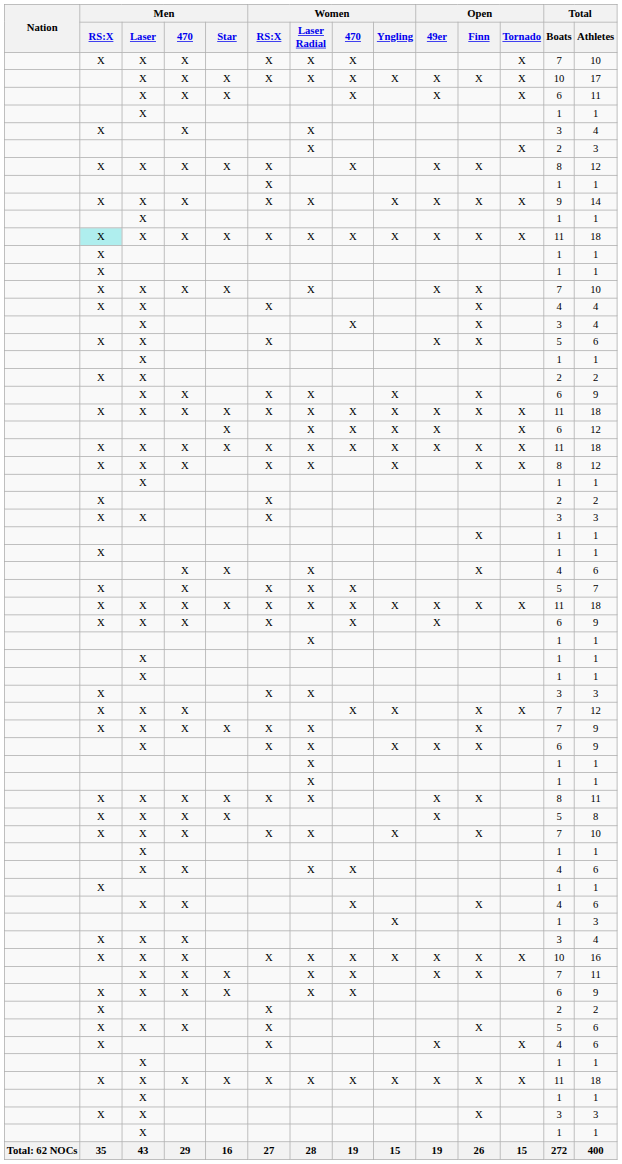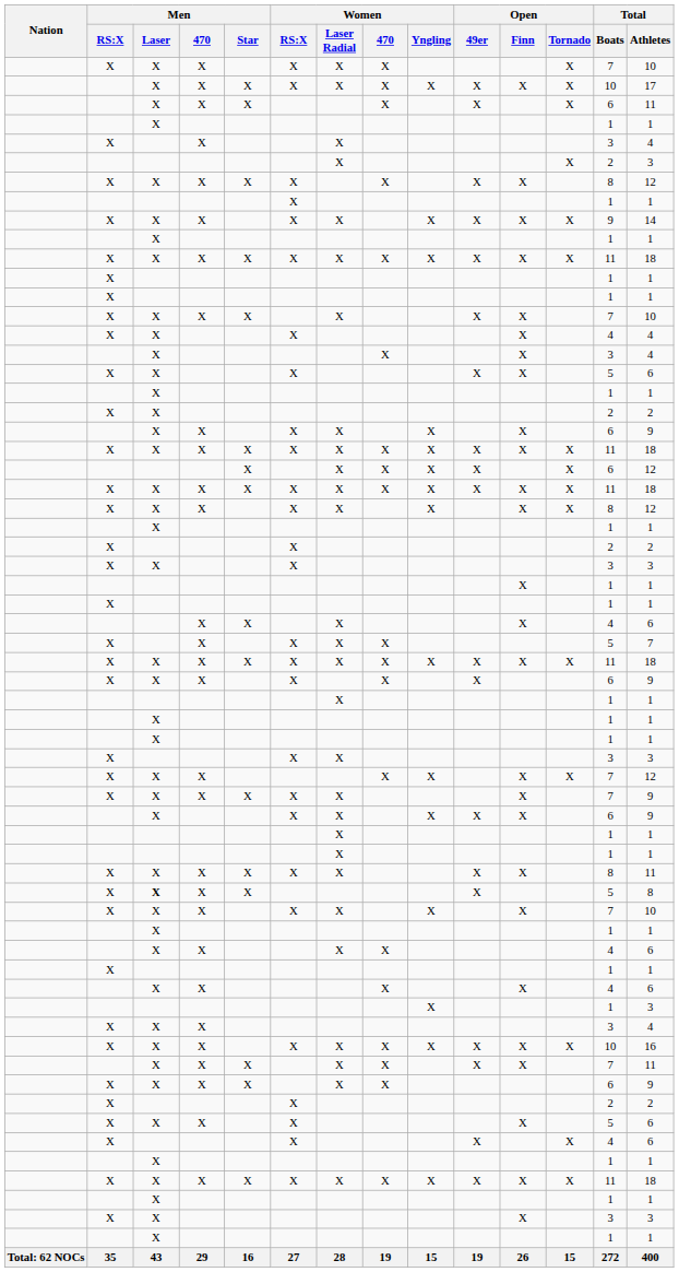 <table class=wikitable style="text-align:center; font-size:90%">
 <tr>
 <th rowspan="2" align="left">Nation</th>
 <th colspan="4">Men</th>
 <th colspan="4">Women</th>
 <th colspan=3>Open</th>
 <th colspan=2>Total</th>
 </tr>
 <tr>
 <th width=50><a href='#'>RS:X</a></th>
 <th width=50><a href='#'>Laser</a></th>
 <th width=50><a href='#'>470</a></th>
 <th width=50><a href='#'>Star</a></th>
 <th width=50><a href='#'>RS:X</a></th>
 <th width=50><a href='#'>Laser Radial</a></th>
 <th width=50><a href='#'>470</a></th>
 <th width=50><a href='#'>Yngling</a></th>
 <th width=50><a href='#'>49er</a></th>
 <th width=50><a href='#'>Finn</a></th>
 <th width=50><a href='#'>Tornado</a></th>
 <th width=35>Boats</th>
 <th width=49>Athletes</th>
 </tr>
 <tr>
 <td align=left></td>
 <td>X</td>
 <td>X</td>
 <td>X</td>
 <td></td>
 <td>X</td>
 <td>X</td>
 <td>X</td>
 <td></td>
 <td></td>
 <td></td>
 <td>X</td>
 <td>7</td>
 <td>10</td>
 </tr>
 <tr>
 <td align=left></td>
 <td></td>
 <td>X</td>
 <td>X</td>
 <td>X</td>
 <td>X</td>
 <td>X</td>
 <td>X</td>
 <td>X</td>
 <td>X</td>
 <td>X</td>
 <td>X</td>
 <td>10</td>
 <td>17</td>
 </tr>
 <tr>
 <td align=left></td>
 <td></td>
 <td>X</td>
 <td>X</td>
 <td>X</td>
 <td></td>
 <td></td>
 <td>X</td>
 <td></td>
 <td>X</td>
 <td></td>
 <td>X</td>
 <td>6</td>
 <td>11</td>
 </tr>
 <tr>
 <td align=left></td>
 <td></td>
 <td>X</td>
 <td></td>
 <td></td>
 <td></td>
 <td></td>
 <td></td>
 <td></td>
 <td></td>
 <td></td>
 <td></td>
 <td>1</td>
 <td>1</td>
 </tr>
 <tr>
 <td align=left></td>
 <td>X</td>
 <td></td>
 <td>X</td>
 <td></td>
 <td></td>
 <td>X</td>
 <td></td>
 <td></td>
 <td></td>
 <td></td>
 <td></td>
 <td>3</td>
 <td>4</td>
 </tr>
 <tr>
 <td align=left></td>
 <td></td>
 <td></td>
 <td></td>
 <td></td>
 <td></td>
 <td>X</td>
 <td></td>
 <td></td>
 <td></td>
 <td></td>
 <td>X</td>
 <td>2</td>
 <td>3</td>
 </tr>
 <tr>
 <td align=left></td>
 <td>X</td>
 <td>X</td>
 <td>X</td>
 <td>X</td>
 <td>X</td>
 <td></td>
 <td>X</td>
 <td></td>
 <td>X</td>
 <td>X</td>
 <td></td>
 <td>8</td>
 <td>12</td>
 </tr>
 <tr>
 <td align=left></td>
 <td></td>
 <td></td>
 <td></td>
 <td></td>
 <td>X</td>
 <td></td>
 <td></td>
 <td></td>
 <td></td>
 <td></td>
 <td></td>
 <td>1</td>
 <td>1</td>
 </tr>
 <tr>
 <td align=left></td>
 <td>X</td>
 <td>X</td>
 <td>X</td>
 <td></td>
 <td>X</td>
 <td>X</td>
 <td></td>
 <td>X</td>
 <td>X</td>
 <td>X</td>
 <td>X</td>
 <td>9</td>
 <td>14</td>
 </tr>
 <tr>
 <td align=left></td>
 <td></td>
 <td>X</td>
 <td></td>
 <td></td>
 <td></td>
 <td></td>
 <td></td>
 <td></td>
 <td></td>
 <td></td>
 <td></td>
 <td>1</td>
 <td>1</td>
 </tr>
 <tr>
 <td align=left></td>
-<td style="background: paleturquoise;">X</td>
+<td>X</td>
 <td>X</td>
 <td>X</td>
 <td>X</td>
 <td>X</td>
 <td>X</td>
 <td>X</td>
 <td>X</td>
 <td>X</td>
 <td>X</td>
 <td>X</td>
 <td>11</td>
 <td>18</td>
 </tr>
 <tr>
 <td align=left></td>
 <td>X</td>
 <td></td>
 <td></td>
 <td></td>
 <td></td>
 <td></td>
 <td></td>
 <td></td>
 <td></td>
 <td></td>
 <td></td>
 <td>1</td>
 <td>1</td>
 </tr>
 <tr>
 <td align=left></td>
 <td>X</td>
 <td></td>
 <td></td>
 <td></td>
 <td></td>
 <td></td>
 <td></td>
 <td></td>
 <td></td>
 <td></td>
 <td></td>
 <td>1</td>
 <td>1</td>
 </tr>
 <tr>
 <td align=left></td>
 <td>X</td>
 <td>X</td>
 <td>X</td>
 <td>X</td>
 <td></td>
 <td>X</td>
 <td></td>
 <td></td>
 <td>X</td>
 <td>X</td>
 <td></td>
 <td>7</td>
 <td>10</td>
 </tr>
 <tr>
 <td align=left></td>
 <td>X</td>
 <td>X</td>
 <td></td>
 <td></td>
 <td>X</td>
 <td></td>
 <td></td>
 <td></td>
 <td></td>
 <td>X</td>
 <td></td>
 <td>4</td>
 <td>4</td>
 </tr>
 <tr>
 <td align=left></td>
 <td></td>
 <td>X</td>
 <td></td>
 <td></td>
 <td></td>
 <td></td>
 <td>X</td>
 <td></td>
 <td></td>
 <td>X</td>
 <td></td>
 <td>3</td>
 <td>4</td>
 </tr>
 <tr>
 <td align=left></td>
 <td>X</td>
 <td>X</td>
 <td></td>
 <td></td>
 <td>X</td>
 <td></td>
 <td></td>
 <td></td>
 <td>X</td>
 <td>X</td>
 <td></td>
 <td>5</td>
 <td>6</td>
 </tr>
 <tr>
 <td align=left></td>
 <td></td>
 <td>X</td>
 <td></td>
 <td></td>
 <td></td>
 <td></td>
 <td></td>
 <td></td>
 <td></td>
 <td></td>
 <td></td>
 <td>1</td>
 <td>1</td>
 </tr>
 <tr>
 <td align=left></td>
 <td>X</td>
 <td>X</td>
 <td></td>
 <td></td>
 <td></td>
 <td></td>
 <td></td>
 <td></td>
 <td></td>
 <td></td>
 <td></td>
 <td>2</td>
 <td>2</td>
 </tr>
 <tr>
 <td align=left></td>
 <td></td>
 <td>X</td>
 <td>X</td>
 <td></td>
 <td>X</td>
 <td>X</td>
 <td></td>
 <td>X</td>
 <td></td>
 <td>X</td>
 <td></td>
 <td>6</td>
 <td>9</td>
 </tr>
 <tr>
 <td align=left></td>
 <td>X</td>
 <td>X</td>
 <td>X</td>
 <td>X</td>
 <td>X</td>
 <td>X</td>
 <td>X</td>
 <td>X</td>
 <td>X</td>
 <td>X</td>
 <td>X</td>
 <td>11</td>
 <td>18</td>
 </tr>
 <tr>
 <td align=left></td>
 <td></td>
 <td></td>
 <td></td>
 <td>X</td>
 <td></td>
 <td>X</td>
 <td>X</td>
 <td>X</td>
 <td>X</td>
 <td></td>
 <td>X</td>
 <td>6</td>
 <td>12</td>
 </tr>
 <tr>
 <td align=left></td>
 <td>X</td>
 <td>X</td>
 <td>X</td>
 <td>X</td>
 <td>X</td>
 <td>X</td>
 <td>X</td>
 <td>X</td>
 <td>X</td>
 <td>X</td>
 <td>X</td>
 <td>11</td>
 <td>18</td>
 </tr>
 <tr>
 <td align=left></td>
 <td>X</td>
 <td>X</td>
 <td>X</td>
 <td></td>
 <td>X</td>
 <td>X</td>
 <td></td>
 <td>X</td>
 <td></td>
 <td>X</td>
 <td>X</td>
 <td>8</td>
 <td>12</td>
 </tr>
 <tr>
 <td align=left></td>
 <td></td>
 <td>X</td>
 <td></td>
 <td></td>
 <td></td>
 <td></td>
 <td></td>
 <td></td>
 <td></td>
 <td></td>
 <td></td>
 <td>1</td>
 <td>1</td>
 </tr>
 <tr>
 <td align=left></td>
 <td>X</td>
 <td></td>
 <td></td>
 <td></td>
 <td>X</td>
 <td></td>
 <td></td>
 <td></td>
 <td></td>
 <td></td>
 <td></td>
 <td>2</td>
 <td>2</td>
 </tr>
 <tr>
 <td align=left></td>
 <td>X</td>
 <td>X</td>
 <td></td>
 <td></td>
 <td>X</td>
 <td></td>
 <td></td>
 <td></td>
 <td></td>
 <td></td>
 <td></td>
 <td>3</td>
 <td>3</td>
 </tr>
 <tr>
 <td align=left></td>
 <td></td>
 <td></td>
 <td></td>
 <td></td>
 <td></td>
 <td></td>
 <td></td>
 <td></td>
 <td></td>
 <td>X</td>
 <td></td>
 <td>1</td>
 <td>1</td>
 </tr>
 <tr>
 <td align=left></td>
 <td>X</td>
 <td></td>
 <td></td>
 <td></td>
 <td></td>
 <td></td>
 <td></td>
 <td></td>
 <td></td>
 <td></td>
 <td></td>
 <td>1</td>
 <td>1</td>
 </tr>
 <tr>
 <td align=left></td>
 <td></td>
 <td></td>
 <td>X</td>
 <td>X</td>
 <td></td>
 <td>X</td>
 <td></td>
 <td></td>
 <td></td>
 <td>X</td>
 <td></td>
 <td>4</td>
 <td>6</td>
 </tr>
 <tr>
 <td align=left></td>
 <td>X</td>
 <td></td>
 <td>X</td>
 <td></td>
 <td>X</td>
 <td>X</td>
 <td>X</td>
 <td></td>
 <td></td>
 <td></td>
 <td></td>
 <td>5</td>
 <td>7</td>
 </tr>
 <tr>
 <td align=left></td>
 <td>X</td>
 <td>X</td>
 <td>X</td>
 <td>X</td>
 <td>X</td>
 <td>X</td>
 <td>X</td>
 <td>X</td>
 <td>X</td>
 <td>X</td>
 <td>X</td>
 <td>11</td>
 <td>18</td>
 </tr>
 <tr>
 <td align=left></td>
 <td>X</td>
 <td>X</td>
 <td>X</td>
 <td></td>
 <td>X</td>
 <td></td>
 <td>X</td>
 <td></td>
 <td>X</td>
 <td></td>
 <td></td>
 <td>6</td>
 <td>9</td>
 </tr>
 <tr>
 <td align=left></td>
 <td></td>
 <td></td>
 <td></td>
 <td></td>
 <td></td>
 <td>X</td>
 <td></td>
 <td></td>
 <td></td>
 <td></td>
 <td></td>
 <td>1</td>
 <td>1</td>
 </tr>
 <tr>
 <td align=left></td>
 <td></td>
 <td>X</td>
 <td></td>
 <td></td>
 <td></td>
 <td></td>
 <td></td>
 <td></td>
 <td></td>
 <td></td>
 <td></td>
 <td>1</td>
 <td>1</td>
 </tr>
 <tr>
 <td align=left></td>
 <td></td>
 <td>X</td>
 <td></td>
 <td></td>
 <td></td>
 <td></td>
 <td></td>
 <td></td>
 <td></td>
 <td></td>
 <td></td>
 <td>1</td>
 <td>1</td>
 </tr>
 <tr>
 <td align=left></td>
 <td>X</td>
 <td></td>
 <td></td>
 <td></td>
 <td>X</td>
 <td>X</td>
 <td></td>
 <td></td>
 <td></td>
 <td></td>
 <td></td>
 <td>3</td>
 <td>3</td>
 </tr>
 <tr>
 <td align=left></td>
 <td>X</td>
 <td>X</td>
 <td>X</td>
 <td></td>
 <td></td>
 <td></td>
 <td>X</td>
 <td>X</td>
 <td></td>
 <td>X</td>
 <td>X</td>
 <td>7</td>
 <td>12</td>
 </tr>
 <tr>
 <td align=left></td>
 <td>X</td>
 <td>X</td>
 <td>X</td>
 <td>X</td>
 <td>X</td>
 <td>X</td>
 <td></td>
 <td></td>
 <td></td>
 <td>X</td>
 <td></td>
 <td>7</td>
 <td>9</td>
 </tr>
 <tr>
 <td align=left></td>
 <td></td>
 <td>X</td>
 <td></td>
 <td></td>
 <td>X</td>
 <td>X</td>
 <td></td>
 <td>X</td>
 <td>X</td>
 <td>X</td>
 <td></td>
 <td>6</td>
 <td>9</td>
 </tr>
 <tr>
 <td align=left></td>
 <td></td>
 <td></td>
 <td></td>
 <td></td>
 <td></td>
 <td>X</td>
 <td></td>
 <td></td>
 <td></td>
 <td></td>
 <td></td>
 <td>1</td>
 <td>1</td>
 </tr>
 <tr>
 <td align=left></td>
 <td></td>
 <td></td>
 <td></td>
 <td></td>
 <td></td>
 <td>X</td>
 <td></td>
 <td></td>
 <td></td>
 <td></td>
 <td></td>
 <td>1</td>
 <td>1</td>
 </tr>
 <tr>
 <td align=left></td>
 <td>X</td>
 <td>X</td>
 <td>X</td>
 <td>X</td>
 <td>X</td>
 <td>X</td>
 <td></td>
 <td></td>
 <td>X</td>
 <td>X</td>
 <td></td>
 <td>8</td>
 <td>11</td>
 </tr>
 <tr>
 <td align=left></td>
 <td>X</td>
-<td>X</td>
+<td><strong>X</strong></td>
 <td>X</td>
 <td>X</td>
 <td></td>
 <td></td>
 <td></td>
 <td></td>
 <td>X</td>
 <td></td>
 <td></td>
 <td>5</td>
 <td>8</td>
 </tr>
 <tr>
 <td align=left></td>
 <td>X</td>
 <td>X</td>
 <td>X</td>
 <td></td>
 <td>X</td>
 <td>X</td>
 <td></td>
 <td>X</td>
 <td></td>
 <td>X</td>
 <td></td>
 <td>7</td>
 <td>10</td>
 </tr>
 <tr>
 <td align=left></td>
 <td></td>
 <td>X</td>
 <td></td>
 <td></td>
 <td></td>
 <td></td>
 <td></td>
 <td></td>
 <td></td>
 <td></td>
 <td></td>
 <td>1</td>
 <td>1</td>
 </tr>
 <tr>
 <td align=left></td>
 <td></td>
 <td>X</td>
 <td>X</td>
 <td></td>
 <td></td>
 <td>X</td>
 <td>X</td>
 <td></td>
 <td></td>
 <td></td>
 <td></td>
 <td>4</td>
 <td>6</td>
 </tr>
 <tr>
 <td align=left></td>
 <td>X</td>
 <td></td>
 <td></td>
 <td></td>
 <td></td>
 <td></td>
 <td></td>
 <td></td>
 <td></td>
 <td></td>
 <td></td>
 <td>1</td>
 <td>1</td>
 </tr>
 <tr>
 <td align=left></td>
 <td></td>
 <td>X</td>
 <td>X</td>
 <td></td>
 <td></td>
 <td></td>
 <td>X</td>
 <td></td>
 <td></td>
 <td>X</td>
 <td></td>
 <td>4</td>
 <td>6</td>
 </tr>
 <tr>
 <td align=left></td>
 <td></td>
 <td></td>
 <td></td>
 <td></td>
 <td></td>
 <td></td>
 <td></td>
 <td>X</td>
 <td></td>
 <td></td>
 <td></td>
 <td>1</td>
 <td>3</td>
 </tr>
 <tr>
 <td align=left></td>
 <td>X</td>
 <td>X</td>
 <td>X</td>
 <td></td>
 <td></td>
 <td></td>
 <td></td>
 <td></td>
 <td></td>
 <td></td>
 <td></td>
 <td>3</td>
 <td>4</td>
 </tr>
 <tr>
 <td align=left></td>
 <td>X</td>
 <td>X</td>
 <td>X</td>
 <td></td>
 <td>X</td>
 <td>X</td>
 <td>X</td>
 <td>X</td>
 <td>X</td>
 <td>X</td>
 <td>X</td>
 <td>10</td>
 <td>16</td>
 </tr>
 <tr>
 <td align=left></td>
 <td></td>
 <td>X</td>
 <td>X</td>
 <td>X</td>
 <td></td>
 <td>X</td>
 <td>X</td>
 <td></td>
 <td>X</td>
 <td>X</td>
 <td></td>
 <td>7</td>
 <td>11</td>
 </tr>
 <tr>
 <td align=left></td>
 <td>X</td>
 <td>X</td>
 <td>X</td>
 <td>X</td>
 <td></td>
 <td>X</td>
 <td>X</td>
 <td></td>
 <td></td>
 <td></td>
 <td></td>
 <td>6</td>
 <td>9</td>
 </tr>
 <tr>
 <td align=left></td>
 <td>X</td>
 <td></td>
 <td></td>
 <td></td>
 <td>X</td>
 <td></td>
 <td></td>
 <td></td>
 <td></td>
 <td></td>
 <td></td>
 <td>2</td>
 <td>2</td>
 </tr>
 <tr>
 <td align=left></td>
 <td>X</td>
 <td>X</td>
 <td>X</td>
 <td></td>
 <td>X</td>
 <td></td>
 <td></td>
 <td></td>
 <td></td>
 <td>X</td>
 <td></td>
 <td>5</td>
 <td>6</td>
 </tr>
 <tr>
 <td align=left></td>
 <td>X</td>
 <td></td>
 <td></td>
 <td></td>
 <td>X</td>
 <td></td>
 <td></td>
 <td></td>
 <td>X</td>
 <td></td>
 <td>X</td>
 <td>4</td>
 <td>6</td>
 </tr>
 <tr>
 <td align=left nowrap></td>
 <td></td>
 <td>X</td>
 <td></td>
 <td></td>
 <td></td>
 <td></td>
 <td></td>
 <td></td>
 <td></td>
 <td></td>
 <td></td>
 <td>1</td>
 <td>1</td>
 </tr>
 <tr>
 <td align=left></td>
 <td>X</td>
 <td>X</td>
 <td>X</td>
 <td>X</td>
 <td>X</td>
 <td>X</td>
 <td>X</td>
 <td>X</td>
 <td>X</td>
 <td>X</td>
 <td>X</td>
 <td>11</td>
 <td>18</td>
 </tr>
 <tr>
 <td align=left></td>
 <td></td>
 <td>X</td>
 <td></td>
 <td></td>
 <td></td>
 <td></td>
 <td></td>
 <td></td>
 <td></td>
 <td></td>
 <td></td>
 <td>1</td>
 <td>1</td>
 </tr>
 <tr>
 <td align=left></td>
 <td>X</td>
 <td>X</td>
 <td></td>
 <td></td>
 <td></td>
 <td></td>
 <td></td>
 <td></td>
 <td></td>
 <td>X</td>
 <td></td>
 <td>3</td>
 <td>3</td>
 </tr>
 <tr>
 <td align=left></td>
 <td></td>
 <td>X</td>
 <td></td>
 <td></td>
 <td></td>
 <td></td>
 <td></td>
 <td></td>
 <td></td>
 <td></td>
 <td></td>
 <td>1</td>
 <td>1</td>
 </tr>
 <tr>
 <th>Total: 62 NOCs</th>
 <th>35</th>
 <th>43</th>
 <th>29</th>
 <th>16</th>
 <th>27</th>
 <th>28</th>
 <th>19</th>
 <th>15</th>
 <th>19</th>
 <th>26</th>
 <th>15</th>
 <th>272</th>
 <th>400</th>
 </tr>
 </table>
